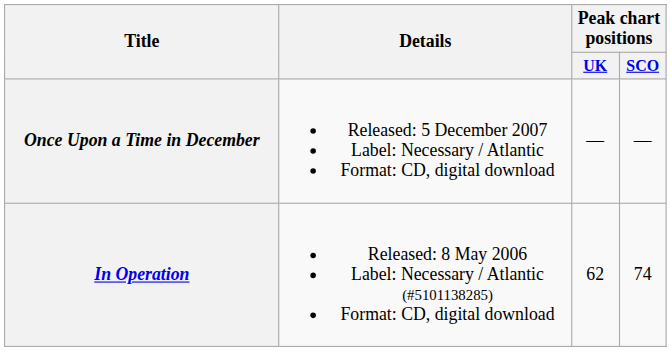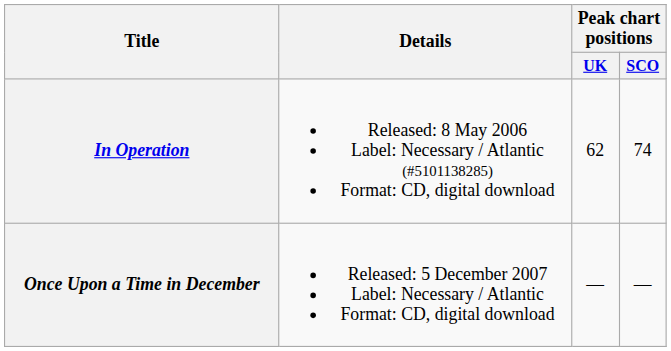 <table class="wikitable plainrowheaders" style="text-align:center;">
 <tr>
 <th scope="col" rowspan="2" style="width:15em;">Title</th>
 <th scope="col" rowspan="2" style="width:16em;">Details</th>
 <th scope="col" colspan="2">Peak chart positions</th>
 </tr>
 <tr>
 <th scope="col" style="width:2.5em;font-size:90%;"><a href='#'>UK</a><br></th>
 <th scope="col" style="width:2.5em;font-size:90%;"><a href='#'>SCO</a><br></th>
 </tr>
 <tr>
+<th scope="row"><em><a href='#'>In Operation</a></em></th>
+<td><br><ul><li>Released: 8 May 2006</li><li>Label: Necessary / Atlantic <small>(#5101138285)</small></li><li>Format: CD, digital download</li></ul></td>
+<td>62</td>
+<td>74</td>
+</tr>
+<tr>
 <th scope="row"><em>Once Upon a Time in December</em></th>
 <td><br><ul><li>Released: 5 December 2007</li><li>Label: Necessary / Atlantic</li><li>Format: CD, digital download</li></ul></td>
 <td>—</td>
 <td>—</td>
 </tr>
-<tr>
-<th scope="row"><em><a href='#'>In Operation</a></em></th>
-<td><br><ul><li>Released: 8 May 2006</li><li>Label: Necessary / Atlantic <small>(#5101138285)</small></li><li>Format: CD, digital download</li></ul></td>
-<td>62</td>
-<td>74</td>
-</tr>
 </table>
